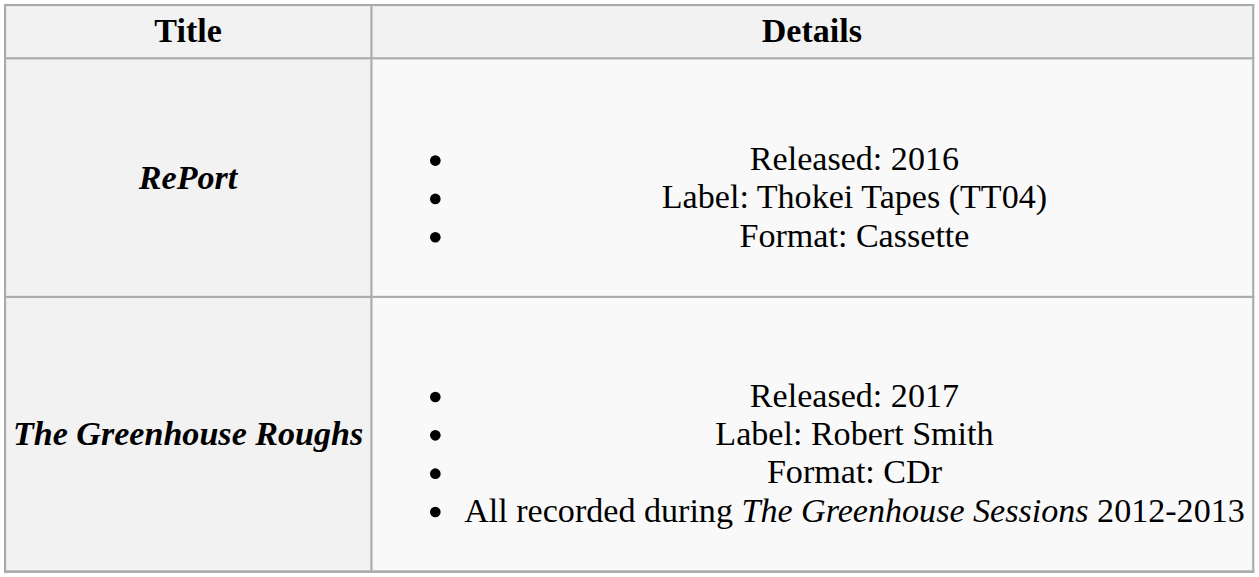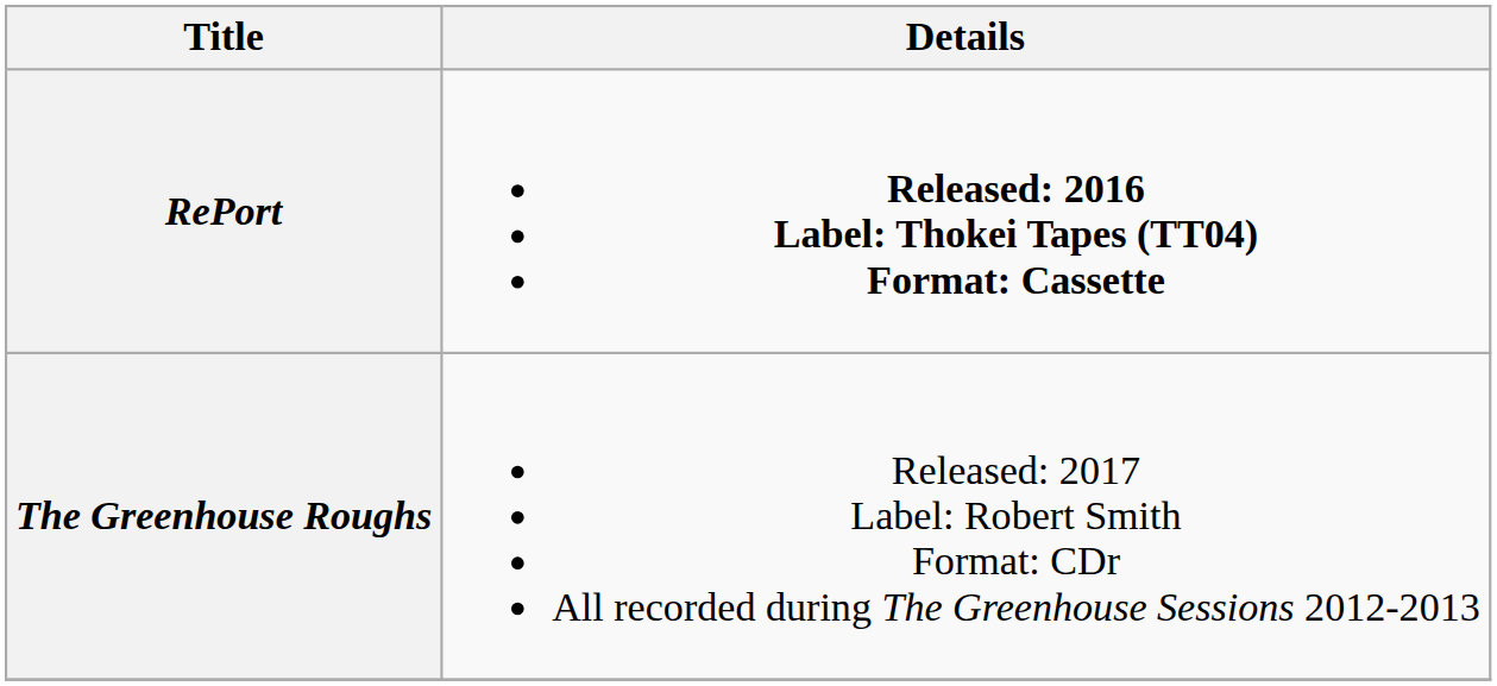 <table class="wikitable plainrowheaders" style="text-align:center;" border="1">
 <tr>
 <th>Title</th>
 <th>Details</th>
 </tr>
 <tr>
 <th scope="row"><em>RePort</em></th>
-<td><br><ul><li>Released: 2016</li><li>Label: Thokei Tapes (TT04)</li><li>Format: Cassette</li></ul></td>
+<td><strong><br><ul><li>Released: 2016</li><li>Label: Thokei Tapes (TT04)</li><li>Format: Cassette</li></ul></strong></td>
 </tr>
 <tr>
 <th scope="row"><em>The Greenhouse Roughs</em></th>
 <td><br><ul><li>Released: 2017</li><li>Label: Robert Smith</li><li>Format: CDr</li><li>All recorded during <em>The Greenhouse Sessions</em> 2012-2013</li></ul></td>
 </tr>
 <tr>
 </tr>
 </table>
